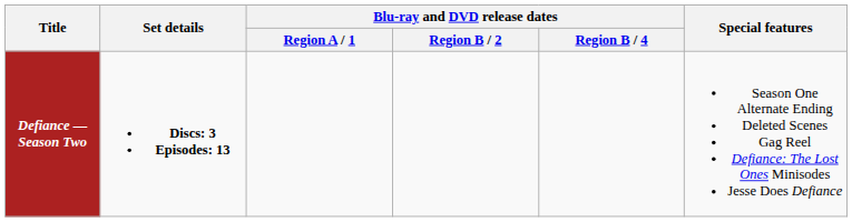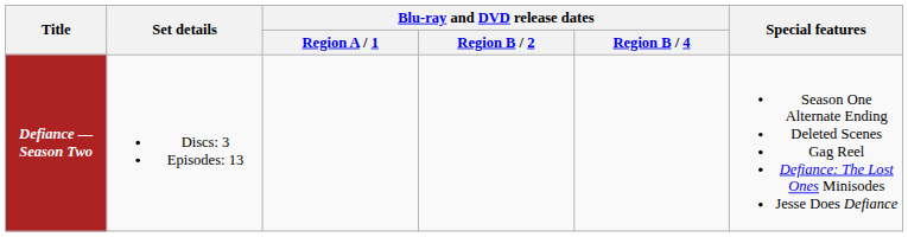 <table class="wikitable plainrowheaders" style="font-size:90%; text-align: center">
 <tr>
 <th scope="col" rowspan="2">Title</th>
 <th scope="col" rowspan="2" style="width: 10em;">Set details</th>
 <th scope="col" colspan="3"><a href='#'>Blu-ray</a> and <a href='#'>DVD</a> release dates</th>
 <th scope="col" rowspan="2">Special features</th>
 </tr>
 <tr>
 <th scope="col" style="width: 10em; font-size: 100%;"><a href='#'>Region A</a> / <a href='#'>1</a></th>
 <th scope="col" style="width: 10em; font-size: 100%;"><a href='#'>Region B</a> / <a href='#'>2</a></th>
 <th scope="col" style="width: 10em; font-size: 100%;"><a href='#'>Region B</a> / <a href='#'>4</a></th>
 </tr>
 <tr>
 <th scope="row" style="text-align:center; background:#AC2121; color:#fff;"><strong><em><span>Defiance — Season Two</span></em></strong></th>
-<td><strong><br><ul><li>Discs: 3</li><li>Episodes: 13</li></ul></strong></td>
+<td><br><ul><li>Discs: 3</li><li>Episodes: 13</li></ul></td>
 <td></td>
 <td></td>
 <td></td>
 <td><br><ul><li>Season One Alternate Ending</li><li>Deleted Scenes</li><li>Gag Reel</li><li><em><a href='#'>Defiance: The Lost Ones</a></em> Minisodes</li><li>Jesse Does <em>Defiance</em></li></ul></td>
 </tr>
 </table>
